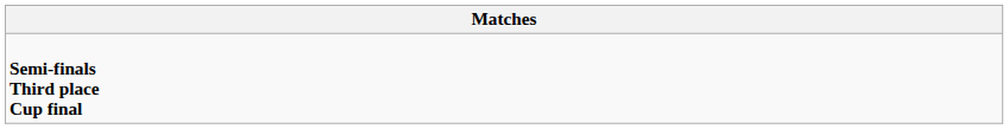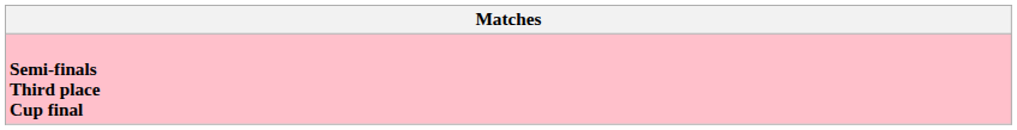 <table class="wikitable collapsible collapsed" style="width:100%;">
 <tr>
 <th>Matches</th>
 </tr>
 <tr>
-<td><br><strong>Semi-finals</strong>   <br><strong>Third place</strong> <br><strong>Cup final</strong> </td>
+<td style="background: pink;"><br><strong>Semi-finals</strong>   <br><strong>Third place</strong> <br><strong>Cup final</strong> </td>
 </tr>
 </table>
